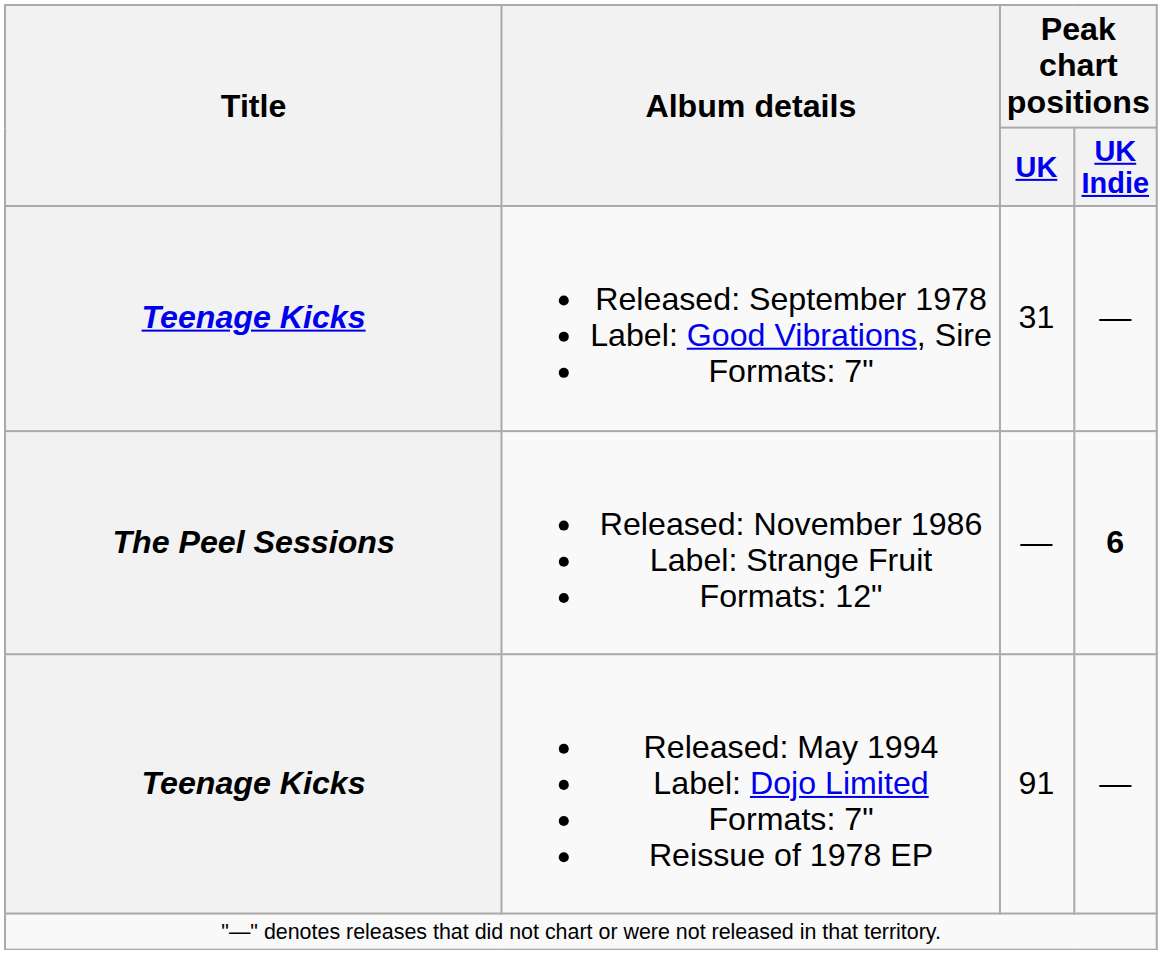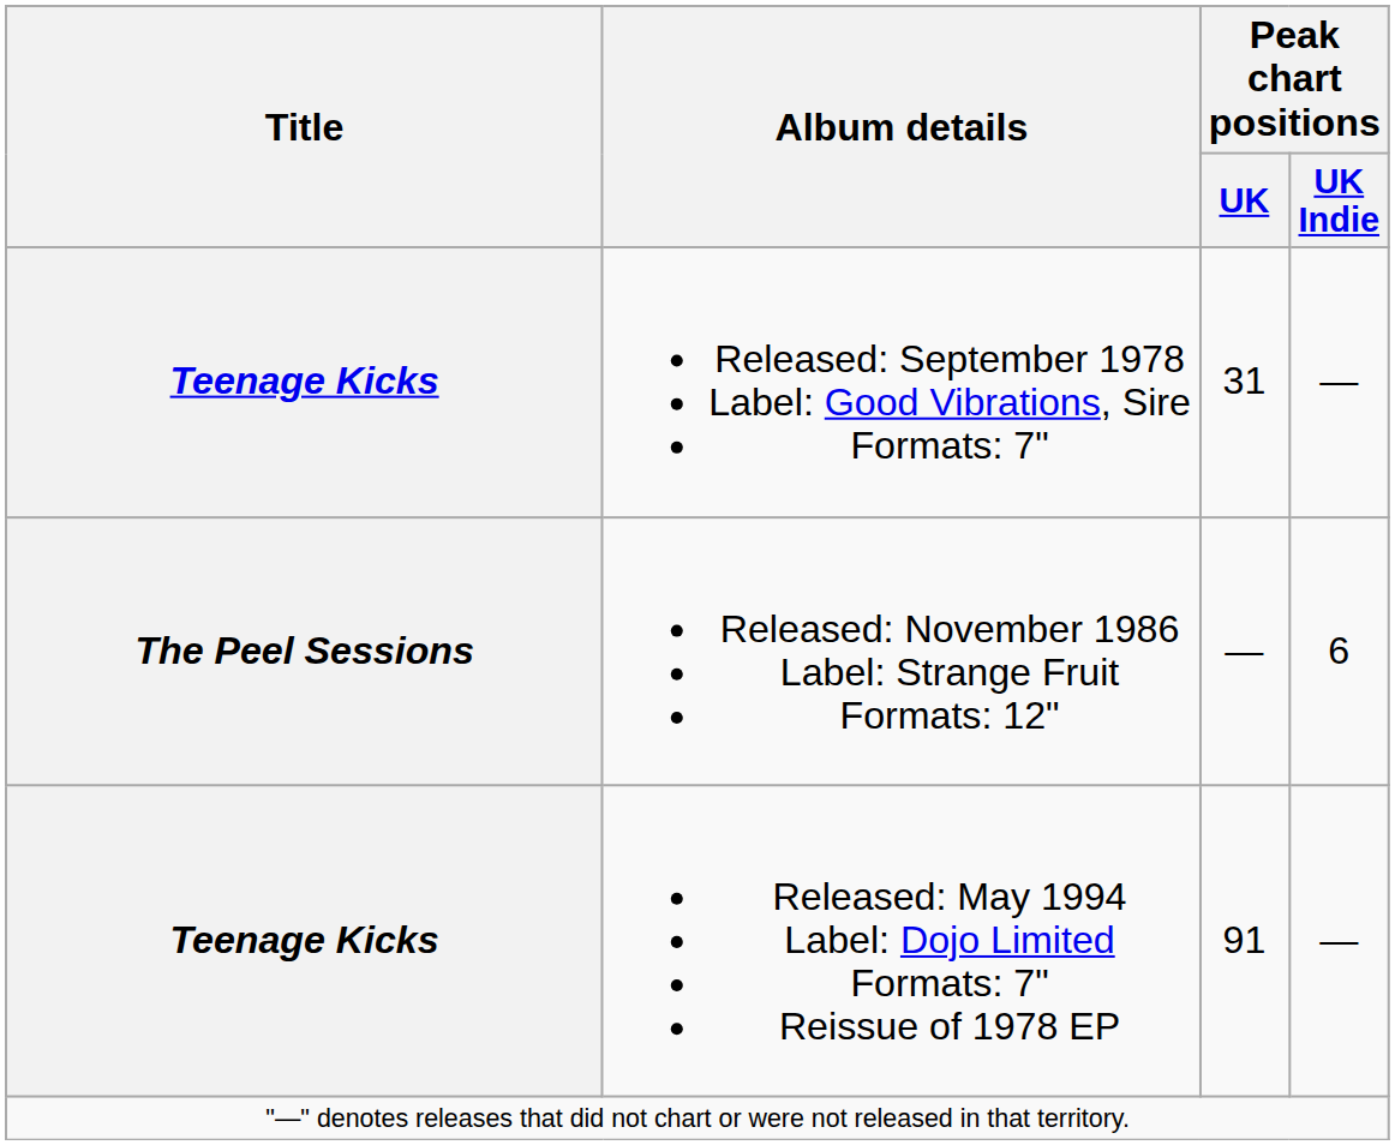 <table class="wikitable plainrowheaders" style="text-align:center;">
 <tr>
 <th rowspan="2" scope="col" style="width:15em;">Title</th>
 <th rowspan="2" scope="col" style="width:15em;">Album details</th>
 <th colspan="2">Peak chart positions</th>
 </tr>
 <tr>
 <th scope="col" style="width:2em;font-size:90%;"><a href='#'>UK</a><br></th>
 <th scope="col" style="width:2em;font-size:90%;"><a href='#'>UK Indie</a><br></th>
 </tr>
 <tr>
 <th scope="row"><em><a href='#'>Teenage Kicks</a></em></th>
 <td><br><ul><li>Released: September 1978</li><li>Label: <a href='#'>Good Vibrations</a>, Sire</li><li>Formats: 7"</li></ul></td>
 <td>31</td>
 <td>—</td>
 </tr>
 <tr>
 <th scope="row"><em>The Peel Sessions</em></th>
 <td><br><ul><li>Released: November 1986</li><li>Label: Strange Fruit</li><li>Formats: 12"</li></ul></td>
 <td>—</td>
-<td><strong>6</strong></td>
+<td>6</td>
 </tr>
 <tr>
 <th scope="row"><em>Teenage Kicks</em></th>
 <td><br><ul><li>Released: May 1994</li><li>Label: <a href='#'>Dojo Limited</a></li><li>Formats: 7"</li><li>Reissue of 1978 EP</li></ul></td>
 <td>91</td>
 <td>—</td>
 </tr>
 <tr>
 <td colspan="4" style="font-size:8pt">"—" denotes releases that did not chart or were not released in that territory.</td>
 </tr>
 </table>
